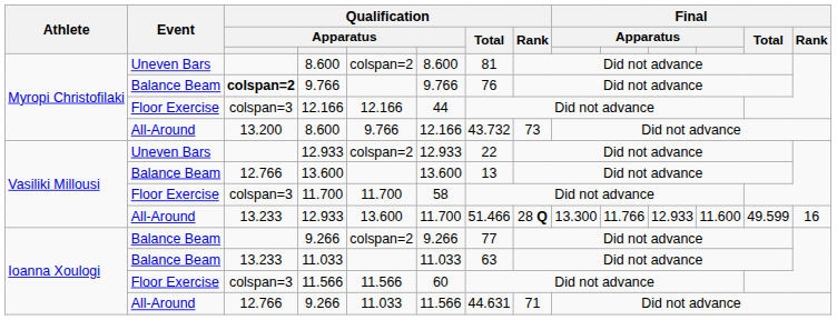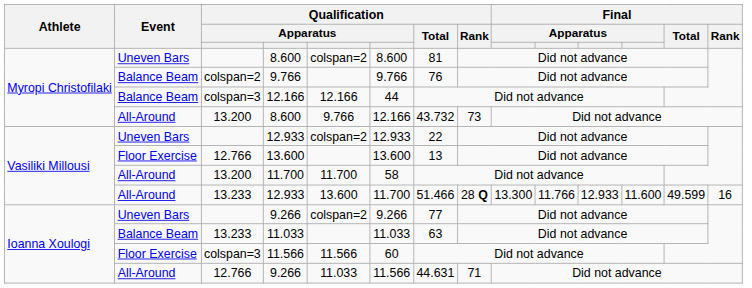 <table class="wikitable" style="font-size:90%">
 <tr>
 <th rowspan=3>Athlete</th>
 <th rowspan=3>Event</th>
 <th colspan=6>Qualification</th>
 <th colspan=6>Final</th>
 </tr>
 <tr style="font-size:95%">
 <th colspan=4>Apparatus</th>
 <th rowspan=2>Total</th>
 <th rowspan=2>Rank</th>
 <th colspan=4>Apparatus</th>
 <th rowspan=2>Total</th>
 <th rowspan=2>Rank</th>
 </tr>
 <tr style="font-size:95%">
 <th></th>
 <th></th>
 <th></th>
 <th></th>
 <th></th>
 <th></th>
 <th></th>
 <th></th>
 </tr>
 <tr align=center>
 <td align=left rowspan=4><a href='#'>Myropi Christofilaki</a></td>
 <td align=left><a href='#'>Uneven Bars</a></td>
 <td></td>
 <td>8.600</td>
 <td>colspan=2 </td>
 <td>8.600</td>
 <td>81</td>
 <td colspan=6>Did not advance</td>
 </tr>
 <tr align=center>
 <td align=left><a href='#'>Balance Beam</a></td>
-<td><strong>colspan=2 </strong></td>
+<td>colspan=2 </td>
 <td>9.766</td>
 <td></td>
 <td>9.766</td>
 <td>76</td>
 <td colspan=6>Did not advance</td>
 </tr>
 <tr align=center>
-<td align=left><a href='#'>Floor Exercise</a></td>
+<td align=left><a href='#'>Balance Beam</a></td>
 <td>colspan=3 </td>
 <td>12.166</td>
 <td>12.166</td>
 <td>44</td>
 <td colspan=6>Did not advance</td>
 </tr>
 <tr align=center>
 <td align=left><a href='#'>All-Around</a></td>
 <td>13.200</td>
 <td>8.600</td>
 <td>9.766</td>
 <td>12.166</td>
 <td>43.732</td>
 <td>73</td>
 <td colspan=6>Did not advance</td>
 </tr>
 <tr align=center>
 <td align=left rowspan=4><a href='#'>Vasiliki Millousi</a></td>
 <td align=left><a href='#'>Uneven Bars</a></td>
 <td></td>
 <td>12.933</td>
 <td>colspan=2 </td>
 <td>12.933</td>
 <td>22</td>
 <td colspan=6>Did not advance</td>
 </tr>
 <tr align=center>
-<td align=left><a href='#'>Balance Beam</a></td>
+<td align=left><a href='#'>Floor Exercise</a></td>
 <td>12.766</td>
 <td>13.600</td>
 <td></td>
 <td>13.600</td>
 <td>13</td>
 <td colspan=6>Did not advance</td>
 </tr>
 <tr align=center>
-<td align=left><a href='#'>Floor Exercise</a></td>
-<td>colspan=3 </td>
+<td align=left><a href='#'>All-Around</a></td>
+<td>13.200</td>
 <td>11.700</td>
 <td>11.700</td>
 <td>58</td>
 <td colspan=6>Did not advance</td>
 </tr>
 <tr align=center>
 <td align=left><a href='#'>All-Around</a></td>
 <td>13.233</td>
 <td>12.933</td>
 <td>13.600</td>
 <td>11.700</td>
 <td>51.466</td>
 <td>28 <strong>Q</strong></td>
 <td>13.300</td>
 <td>11.766</td>
 <td>12.933</td>
 <td>11.600</td>
 <td>49.599</td>
 <td>16</td>
 </tr>
 <tr align=center>
 <td align=left rowspan=4><a href='#'>Ioanna Xoulogi</a></td>
-<td align=left><a href='#'>Balance Beam</a></td>
+<td align=left><a href='#'>Uneven Bars</a></td>
 <td></td>
 <td>9.266</td>
 <td>colspan=2 </td>
 <td>9.266</td>
 <td>77</td>
 <td colspan=6>Did not advance</td>
 </tr>
 <tr align=center>
 <td align=left><a href='#'>Balance Beam</a></td>
 <td>13.233</td>
 <td>11.033</td>
 <td></td>
 <td>11.033</td>
 <td>63</td>
 <td colspan=6>Did not advance</td>
 </tr>
 <tr align=center>
 <td align=left><a href='#'>Floor Exercise</a></td>
 <td>colspan=3 </td>
 <td>11.566</td>
 <td>11.566</td>
 <td>60</td>
 <td colspan=6>Did not advance</td>
 </tr>
 <tr align=center>
 <td align=left><a href='#'>All-Around</a></td>
 <td>12.766</td>
 <td>9.266</td>
 <td>11.033</td>
 <td>11.566</td>
 <td>44.631</td>
 <td>71</td>
 <td colspan=6>Did not advance</td>
 </tr>
 </table>
